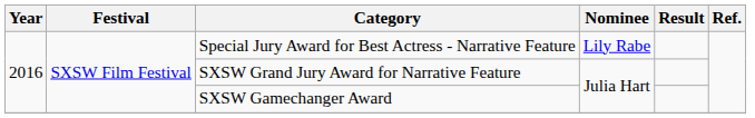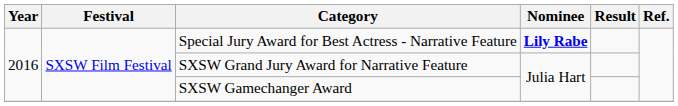 <table class="wikitable">
 <tr>
 <th>Year</th>
 <th>Festival</th>
 <th>Category</th>
 <th>Nominee</th>
 <th>Result</th>
 <th>Ref.</th>
 </tr>
 <tr>
 <td rowspan="3">2016</td>
 <td rowspan="3"><a href='#'>SXSW Film Festival</a></td>
 <td>Special Jury Award for Best Actress - Narrative Feature</td>
-<td style="text-align:center;"><a href='#'>Lily Rabe</a></td>
+<td style="text-align:center;"><strong><a href='#'>Lily Rabe</a></strong></td>
 <td></td>
 <td rowspan="3" style="text-align: center;"></td>
 </tr>
 <tr>
 <td>SXSW Grand Jury Award for Narrative Feature</td>
 <td rowspan="2" style="text-align: center;">Julia Hart</td>
 <td></td>
 </tr>
 <tr>
 <td>SXSW Gamechanger Award</td>
 <td></td>
 </tr>
 <tr>
 </tr>
 </table>
